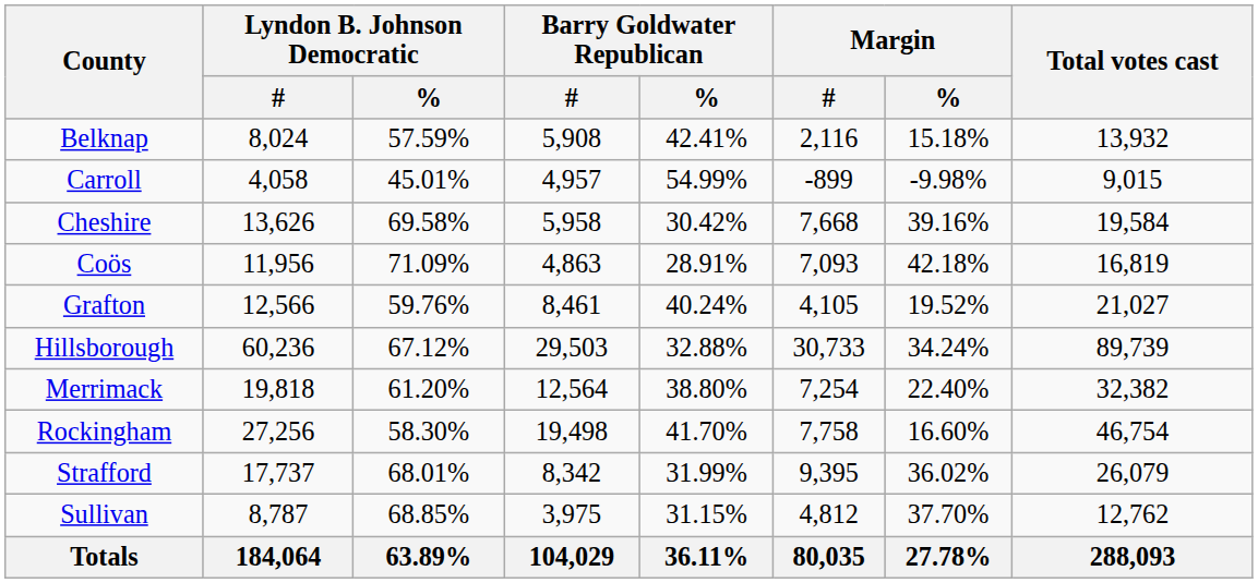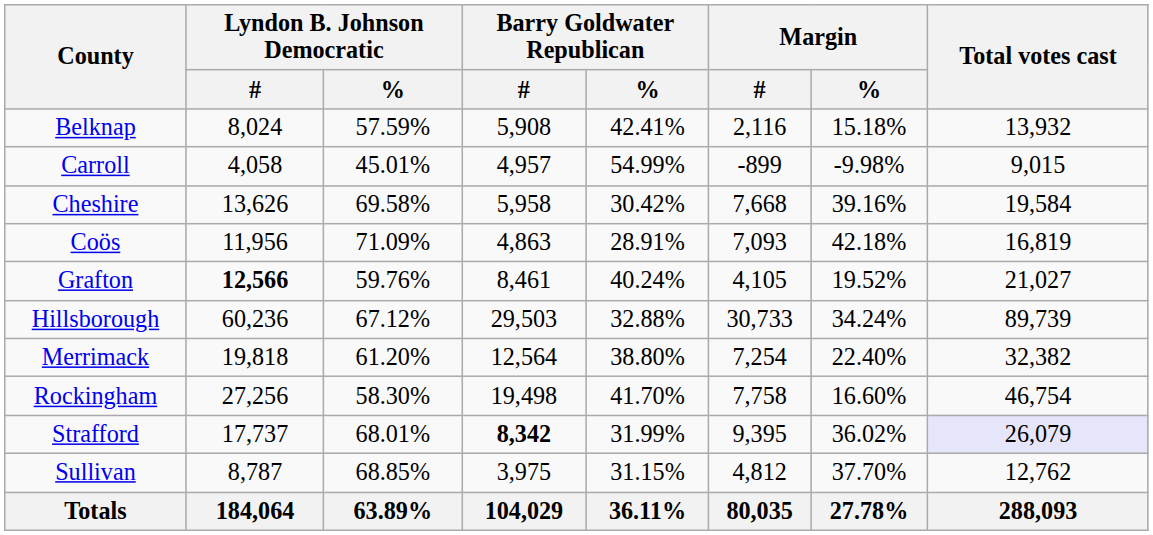 <table width="60%" class="wikitable sortable" style="text-align:center;">
 <tr>
 <th style="text-align:center;" rowspan="2">County</th>
 <th style="text-align:center;" colspan="2">Lyndon B. Johnson<br>Democratic</th>
 <th style="text-align:center;" colspan="2">Barry Goldwater<br>Republican</th>
 <th style="text-align:center;" colspan="2">Margin</th>
 <th style="text-align:center;" rowspan="2">Total votes cast</th>
 </tr>
 <tr>
 <th style="text-align:center;" data-sort-type="number">#</th>
 <th style="text-align:center;" data-sort-type="number">%</th>
 <th style="text-align:center;" data-sort-type="number">#</th>
 <th style="text-align:center;" data-sort-type="number">%</th>
 <th style="text-align:center;" data-sort-type="number">#</th>
 <th style="text-align:center;" data-sort-type="number">%</th>
 </tr>
 <tr style="text-align:center;">
 <td><a href='#'>Belknap</a></td>
 <td>8,024</td>
 <td>57.59%</td>
 <td>5,908</td>
 <td>42.41%</td>
 <td>2,116</td>
 <td>15.18%</td>
 <td>13,932</td>
 </tr>
 <tr style="text-align:center;">
 <td><a href='#'>Carroll</a></td>
 <td>4,058</td>
 <td>45.01%</td>
 <td>4,957</td>
 <td>54.99%</td>
 <td>-899</td>
 <td>-9.98%</td>
 <td>9,015</td>
 </tr>
 <tr style="text-align:center;">
 <td><a href='#'>Cheshire</a></td>
 <td>13,626</td>
 <td>69.58%</td>
 <td>5,958</td>
 <td>30.42%</td>
 <td>7,668</td>
 <td>39.16%</td>
 <td>19,584</td>
 </tr>
 <tr style="text-align:center;">
 <td><a href='#'>Coös</a></td>
 <td>11,956</td>
 <td>71.09%</td>
 <td>4,863</td>
 <td>28.91%</td>
 <td>7,093</td>
 <td>42.18%</td>
 <td>16,819</td>
 </tr>
 <tr style="text-align:center;">
 <td><a href='#'>Grafton</a></td>
-<td>12,566</td>
+<td><strong>12,566</strong></td>
 <td>59.76%</td>
 <td>8,461</td>
 <td>40.24%</td>
 <td>4,105</td>
 <td>19.52%</td>
 <td>21,027</td>
 </tr>
 <tr style="text-align:center;">
 <td><a href='#'>Hillsborough</a></td>
 <td>60,236</td>
 <td>67.12%</td>
 <td>29,503</td>
 <td>32.88%</td>
 <td>30,733</td>
 <td>34.24%</td>
 <td>89,739</td>
 </tr>
 <tr style="text-align:center;">
 <td><a href='#'>Merrimack</a></td>
 <td>19,818</td>
 <td>61.20%</td>
 <td>12,564</td>
 <td>38.80%</td>
 <td>7,254</td>
 <td>22.40%</td>
 <td>32,382</td>
 </tr>
 <tr style="text-align:center;">
 <td><a href='#'>Rockingham</a></td>
 <td>27,256</td>
 <td>58.30%</td>
 <td>19,498</td>
 <td>41.70%</td>
 <td>7,758</td>
 <td>16.60%</td>
 <td>46,754</td>
 </tr>
 <tr style="text-align:center;">
 <td><a href='#'>Strafford</a></td>
 <td>17,737</td>
 <td>68.01%</td>
-<td>8,342</td>
+<td><strong>8,342</strong></td>
 <td>31.99%</td>
 <td>9,395</td>
 <td>36.02%</td>
-<td>26,079</td>
+<td style="background: lavender;">26,079</td>
 </tr>
 <tr style="text-align:center;">
 <td><a href='#'>Sullivan</a></td>
 <td>8,787</td>
 <td>68.85%</td>
 <td>3,975</td>
 <td>31.15%</td>
 <td>4,812</td>
 <td>37.70%</td>
 <td>12,762</td>
 </tr>
 <tr style="text-align:center;">
 <th>Totals</th>
 <th>184,064</th>
 <th>63.89%</th>
 <th>104,029</th>
 <th>36.11%</th>
 <th>80,035</th>
 <th>27.78%</th>
 <th>288,093</th>
 </tr>
 </table>
